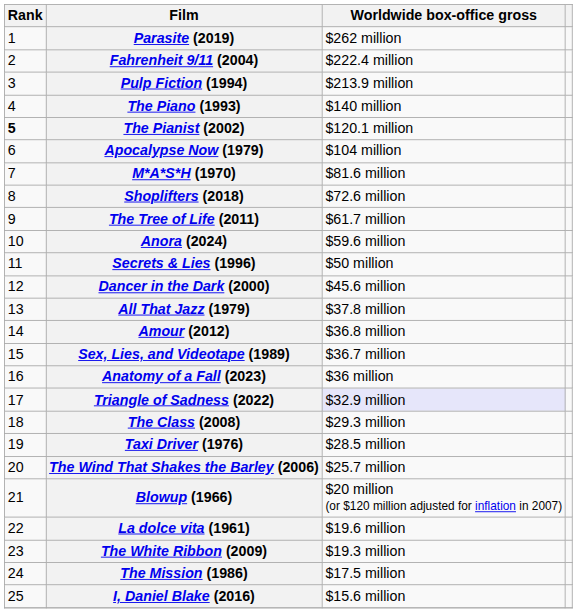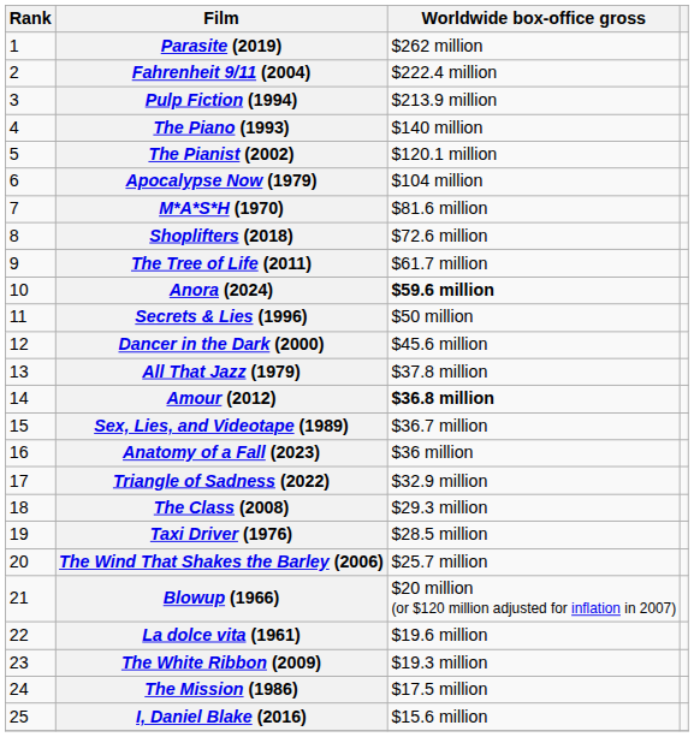 <table class="wikitable sortable plainrowheaders style="margin:auto; margin:auto;">
 <tr>
 <th>Rank</th>
 <th>Film</th>
 <th>Worldwide box-office gross</th>
 <th class="unsortable"></th>
 </tr>
 <tr>
 <td>1</td>
 <th scope="row"><em><a href='#'>Parasite</a></em> (2019)</th>
 <td>$262 million</td>
 <td></td>
 </tr>
 <tr>
 <td>2</td>
 <th scope="row"><em><a href='#'>Fahrenheit 9/11</a></em> (2004)</th>
 <td>$222.4 million</td>
 <td></td>
 </tr>
 <tr>
 <td>3</td>
 <th scope="row"><em><a href='#'>Pulp Fiction</a></em> (1994)</th>
 <td>$213.9 million</td>
 <td></td>
 </tr>
 <tr>
 <td>4</td>
 <th scope="row"><em><a href='#'>The Piano</a></em> (1993)</th>
 <td>$140 million</td>
 <td></td>
 </tr>
 <tr>
-<td><strong>5</strong></td>
+<td>5</td>
 <th scope="row"><em><a href='#'>The Pianist</a></em> (2002)</th>
 <td>$120.1 million</td>
 <td></td>
 </tr>
 <tr>
 <td>6</td>
 <th scope="row"><em><a href='#'>Apocalypse Now</a></em> (1979)</th>
 <td>$104 million</td>
 <td></td>
 </tr>
 <tr>
 <td>7</td>
 <th scope="row"><em><a href='#'>M*A*S*H</a></em> (1970)</th>
 <td>$81.6 million</td>
 <td></td>
 </tr>
 <tr>
 <td>8</td>
 <th scope="row"><em><a href='#'>Shoplifters</a></em> (2018)</th>
 <td>$72.6 million</td>
 <td></td>
 </tr>
 <tr>
 <td>9</td>
 <th scope="row"><em><a href='#'>The Tree of Life</a></em> (2011)</th>
 <td>$61.7 million</td>
 <td></td>
 </tr>
 <tr>
 <td>10</td>
 <th scope="row"><em><a href='#'>Anora</a></em> (2024)</th>
-<td>$59.6 million</td>
+<td><strong>$59.6 million</strong></td>
 <td></td>
 </tr>
 <tr>
 <td>11</td>
 <th scope="row"><em><a href='#'>Secrets & Lies</a></em> (1996)</th>
 <td>$50 million</td>
 <td></td>
 </tr>
 <tr>
 <td>12</td>
 <th scope="row"><em><a href='#'>Dancer in the Dark</a></em> (2000)</th>
 <td>$45.6 million</td>
 <td></td>
 </tr>
 <tr>
 <td>13</td>
 <th scope="row"><em><a href='#'>All That Jazz</a></em> (1979)</th>
 <td>$37.8 million</td>
 <td></td>
 </tr>
 <tr>
 <td>14</td>
 <th scope="row"><em><a href='#'>Amour</a></em> (2012)</th>
-<td>$36.8 million</td>
+<td><strong>$36.8 million</strong></td>
 <td></td>
 </tr>
 <tr>
 <td>15</td>
 <th scope="row"><em><a href='#'>Sex, Lies, and Videotape</a></em> (1989)</th>
 <td>$36.7 million</td>
 <td></td>
 </tr>
 <tr>
 <td>16</td>
 <th scope="row"><em><a href='#'>Anatomy of a Fall</a></em> (2023)</th>
 <td>$36 million</td>
 <td></td>
 </tr>
 <tr>
 <td>17</td>
 <th scope="row"><em><a href='#'>Triangle of Sadness</a></em> (2022)</th>
-<td style="background: lavender;">$32.9 million</td>
+<td>$32.9 million</td>
 <td></td>
 </tr>
 <tr>
 <td>18</td>
 <th scope="row"><em><a href='#'>The Class</a></em> (2008)</th>
 <td>$29.3 million</td>
 <td></td>
 </tr>
 <tr>
 <td>19</td>
 <th scope="row"><em><a href='#'>Taxi Driver</a></em> (1976)</th>
 <td>$28.5 million</td>
 <td></td>
 </tr>
 <tr>
 <td>20</td>
 <th scope="row"><em><a href='#'>The Wind That Shakes the Barley</a></em> (2006)</th>
 <td>$25.7 million</td>
 <td></td>
 </tr>
 <tr>
 <td>21</td>
 <th scope="row"><em><a href='#'>Blowup</a></em> (1966)</th>
 <td>$20 million <br> <small>(or $120 million adjusted for <a href='#'>inflation</a> in 2007)</small></td>
 <td></td>
 </tr>
 <tr>
 <td>22</td>
 <th scope="row"><em><a href='#'>La dolce vita</a></em> (1961)</th>
 <td>$19.6 million</td>
 <td></td>
 </tr>
 <tr>
 <td>23</td>
 <th scope="row"><em><a href='#'>The White Ribbon</a></em> (2009)</th>
 <td>$19.3 million</td>
 <td></td>
 </tr>
 <tr>
 <td>24</td>
 <th scope="row"><em><a href='#'>The Mission</a></em> (1986)</th>
 <td>$17.5 million</td>
 <td></td>
 </tr>
 <tr>
 <td>25</td>
 <th scope="row"><em><a href='#'>I, Daniel Blake</a></em> (2016)</th>
 <td>$15.6 million</td>
 <td></td>
 </tr>
 <tr>
 </tr>
 </table>
